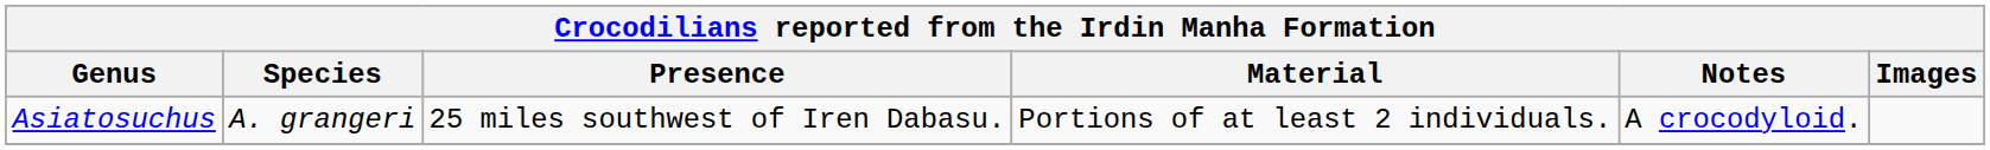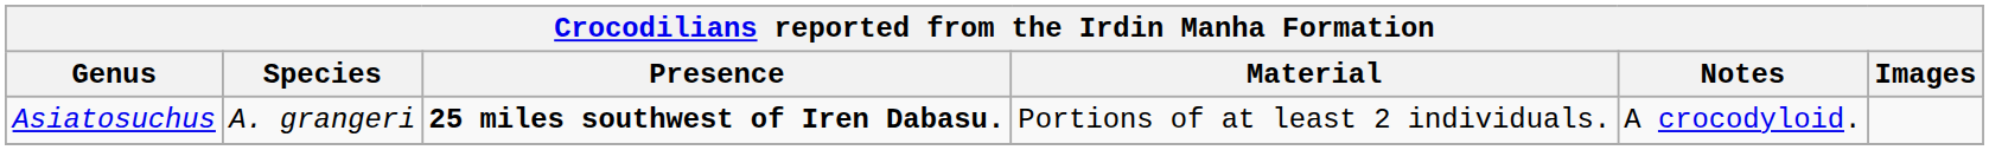 <table class="wikitable" align="center">
 <tr>
 <th colspan="6" align="center"><strong><a href='#'>Crocodilians</a> reported from the Irdin Manha Formation</strong></th>
 </tr>
 <tr>
 <th>Genus</th>
 <th>Species</th>
 <th>Presence</th>
 <th><strong>Material</strong></th>
 <th>Notes</th>
 <th>Images</th>
 </tr>
 <tr>
 <td><em><a href='#'>Asiatosuchus</a></em></td>
 <td><em>A. grangeri</em></td>
-<td>25 miles southwest of Iren Dabasu.</td>
+<td><strong>25 miles southwest of Iren Dabasu.</strong></td>
 <td>Portions of at least 2 individuals.</td>
 <td>A <a href='#'>crocodyloid</a>.</td>
 <td></td>
 </tr>
 <tr>
 </tr>
 </table>
